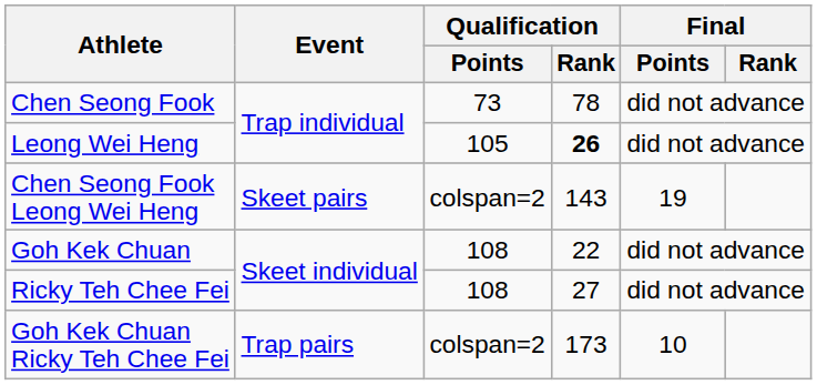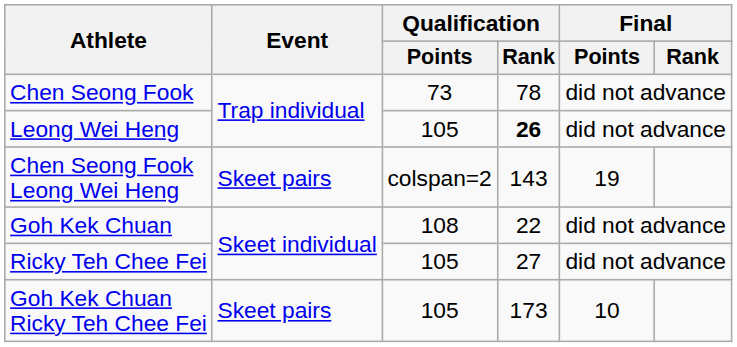 <table class="wikitable" style="font-size:90%;">
 <tr>
 <th rowspan=2>Athlete</th>
 <th rowspan=2>Event</th>
 <th colspan=2>Qualification</th>
 <th colspan=2>Final</th>
 </tr>
 <tr style="font-size:95%">
 <th>Points</th>
 <th>Rank</th>
 <th>Points</th>
 <th>Rank</th>
 </tr>
 <tr align=center>
 <td align=left><a href='#'>Chen Seong Fook</a></td>
 <td align=left rowspan=2><a href='#'>Trap individual</a></td>
 <td>73</td>
 <td>78</td>
 <td colspan=2>did not advance</td>
 </tr>
 <tr align=center>
 <td align=left><a href='#'>Leong Wei Heng</a></td>
 <td>105</td>
 <td><strong>26</strong></td>
 <td colspan=2>did not advance</td>
 </tr>
 <tr align=center>
 <td align=left><a href='#'>Chen Seong Fook</a><br><a href='#'>Leong Wei Heng</a></td>
 <td align=left><a href='#'>Skeet pairs</a></td>
 <td>colspan=2 </td>
 <td>143</td>
 <td>19</td>
 </tr>
 <tr align=center>
 <td align=left><a href='#'>Goh Kek Chuan</a></td>
 <td align=left rowspan=2><a href='#'>Skeet individual</a></td>
 <td>108</td>
 <td>22</td>
 <td colspan=2>did not advance</td>
 </tr>
 <tr align=center>
 <td align=left><a href='#'>Ricky Teh Chee Fei</a></td>
-<td>108</td>
+<td>105</td>
 <td>27</td>
 <td colspan=2>did not advance</td>
 </tr>
 <tr align=center>
 <td align=left><a href='#'>Goh Kek Chuan</a><br><a href='#'>Ricky Teh Chee Fei</a></td>
-<td align=left><a href='#'>Trap pairs</a></td>
-<td>colspan=2 </td>
+<td align=left><a href='#'>Skeet pairs</a></td>
+<td>105</td>
 <td>173</td>
 <td>10</td>
 </tr>
 </table>
